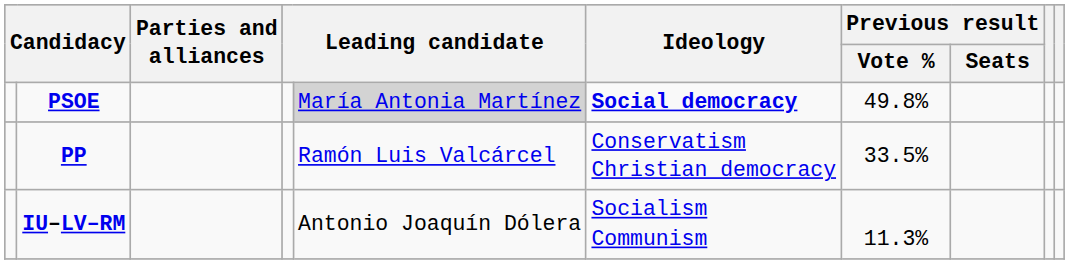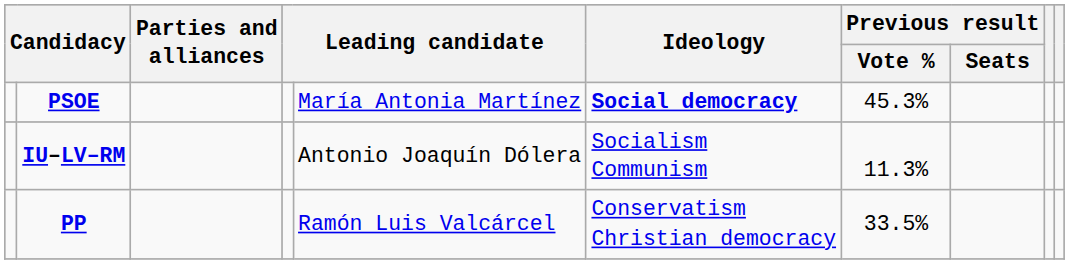 <table class="wikitable" style="line-height:1.35em; text-align:left;">
 <tr>
 <th colspan="2" rowspan="2">Candidacy</th>
 <th rowspan="2">Parties and<br>alliances</th>
 <th colspan="2" rowspan="2">Leading candidate</th>
 <th rowspan="2">Ideology</th>
 <th colspan="2">Previous result</th>
 <th rowspan="2"></th>
 <th rowspan="2"></th>
 </tr>
 <tr>
 <th>Vote %</th>
 <th>Seats</th>
 </tr>
 <tr>
 <td width="1" style="color:inherit;background:"></td>
 <td align="center"><strong><a href='#'>PSOE</a></strong></td>
 <td></td>
 <td></td>
-<td style="background: lightgrey;"><a href='#'>María Antonia Martínez</a></td>
+<td><a href='#'>María Antonia Martínez</a></td>
 <td><strong><a href='#'>Social democracy</a></strong></td>
-<td align="center">49.8%</td>
+<td align="center">45.3%</td>
+<td></td>
+<td></td>
+<td></td>
+</tr>
+<tr>
+<td style="color:inherit;background:"></td>
+<td align="center"><strong><a href='#'>IU</a>–<a href='#'>LV–RM</a></strong></td>
+<td></td>
+<td></td>
+<td>Antonio Joaquín Dólera</td>
+<td><a href='#'>Socialism</a><br><a href='#'>Communism</a></td>
+<td align="center"><br>11.3%<br></td>
 <td></td>
 <td></td>
 <td></td>
 </tr>
 <tr>
 <td style="color:inherit;background:"></td>
 <td align="center"><strong><a href='#'>PP</a></strong></td>
 <td></td>
 <td></td>
 <td><a href='#'>Ramón Luis Valcárcel</a></td>
 <td><a href='#'>Conservatism</a><br><a href='#'>Christian democracy</a></td>
 <td align="center">33.5%</td>
 <td></td>
 <td></td>
 <td></td>
 </tr>
-<tr>
-<td style="color:inherit;background:"></td>
-<td align="center"><strong><a href='#'>IU</a>–<a href='#'>LV–RM</a></strong></td>
-<td></td>
-<td></td>
-<td>Antonio Joaquín Dólera</td>
-<td><a href='#'>Socialism</a><br><a href='#'>Communism</a></td>
-<td align="center"><br>11.3%<br></td>
-<td></td>
-<td></td>
-<td></td>
-</tr>
 </table>
